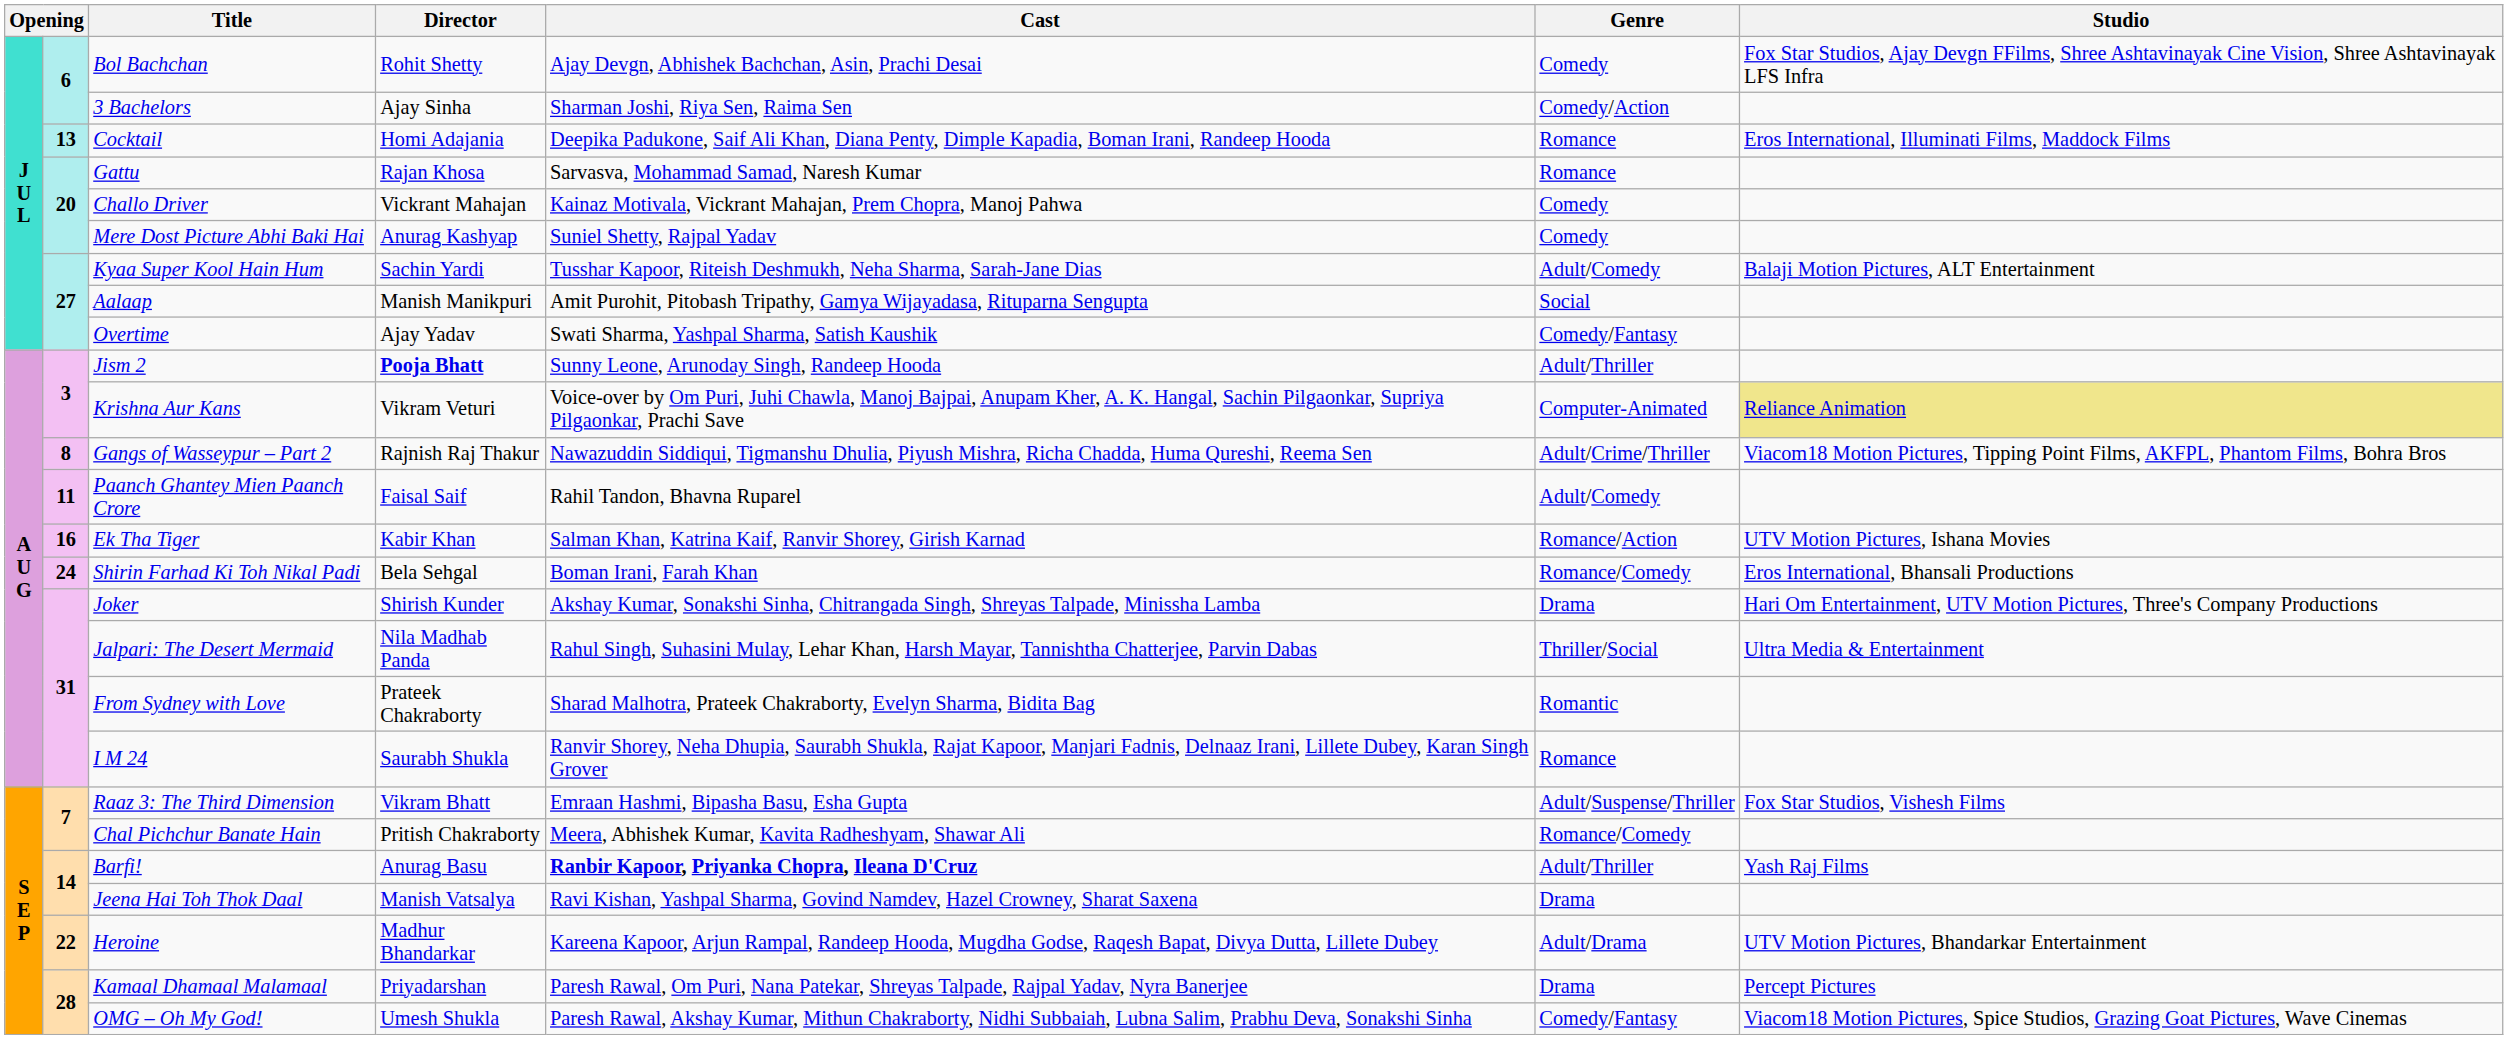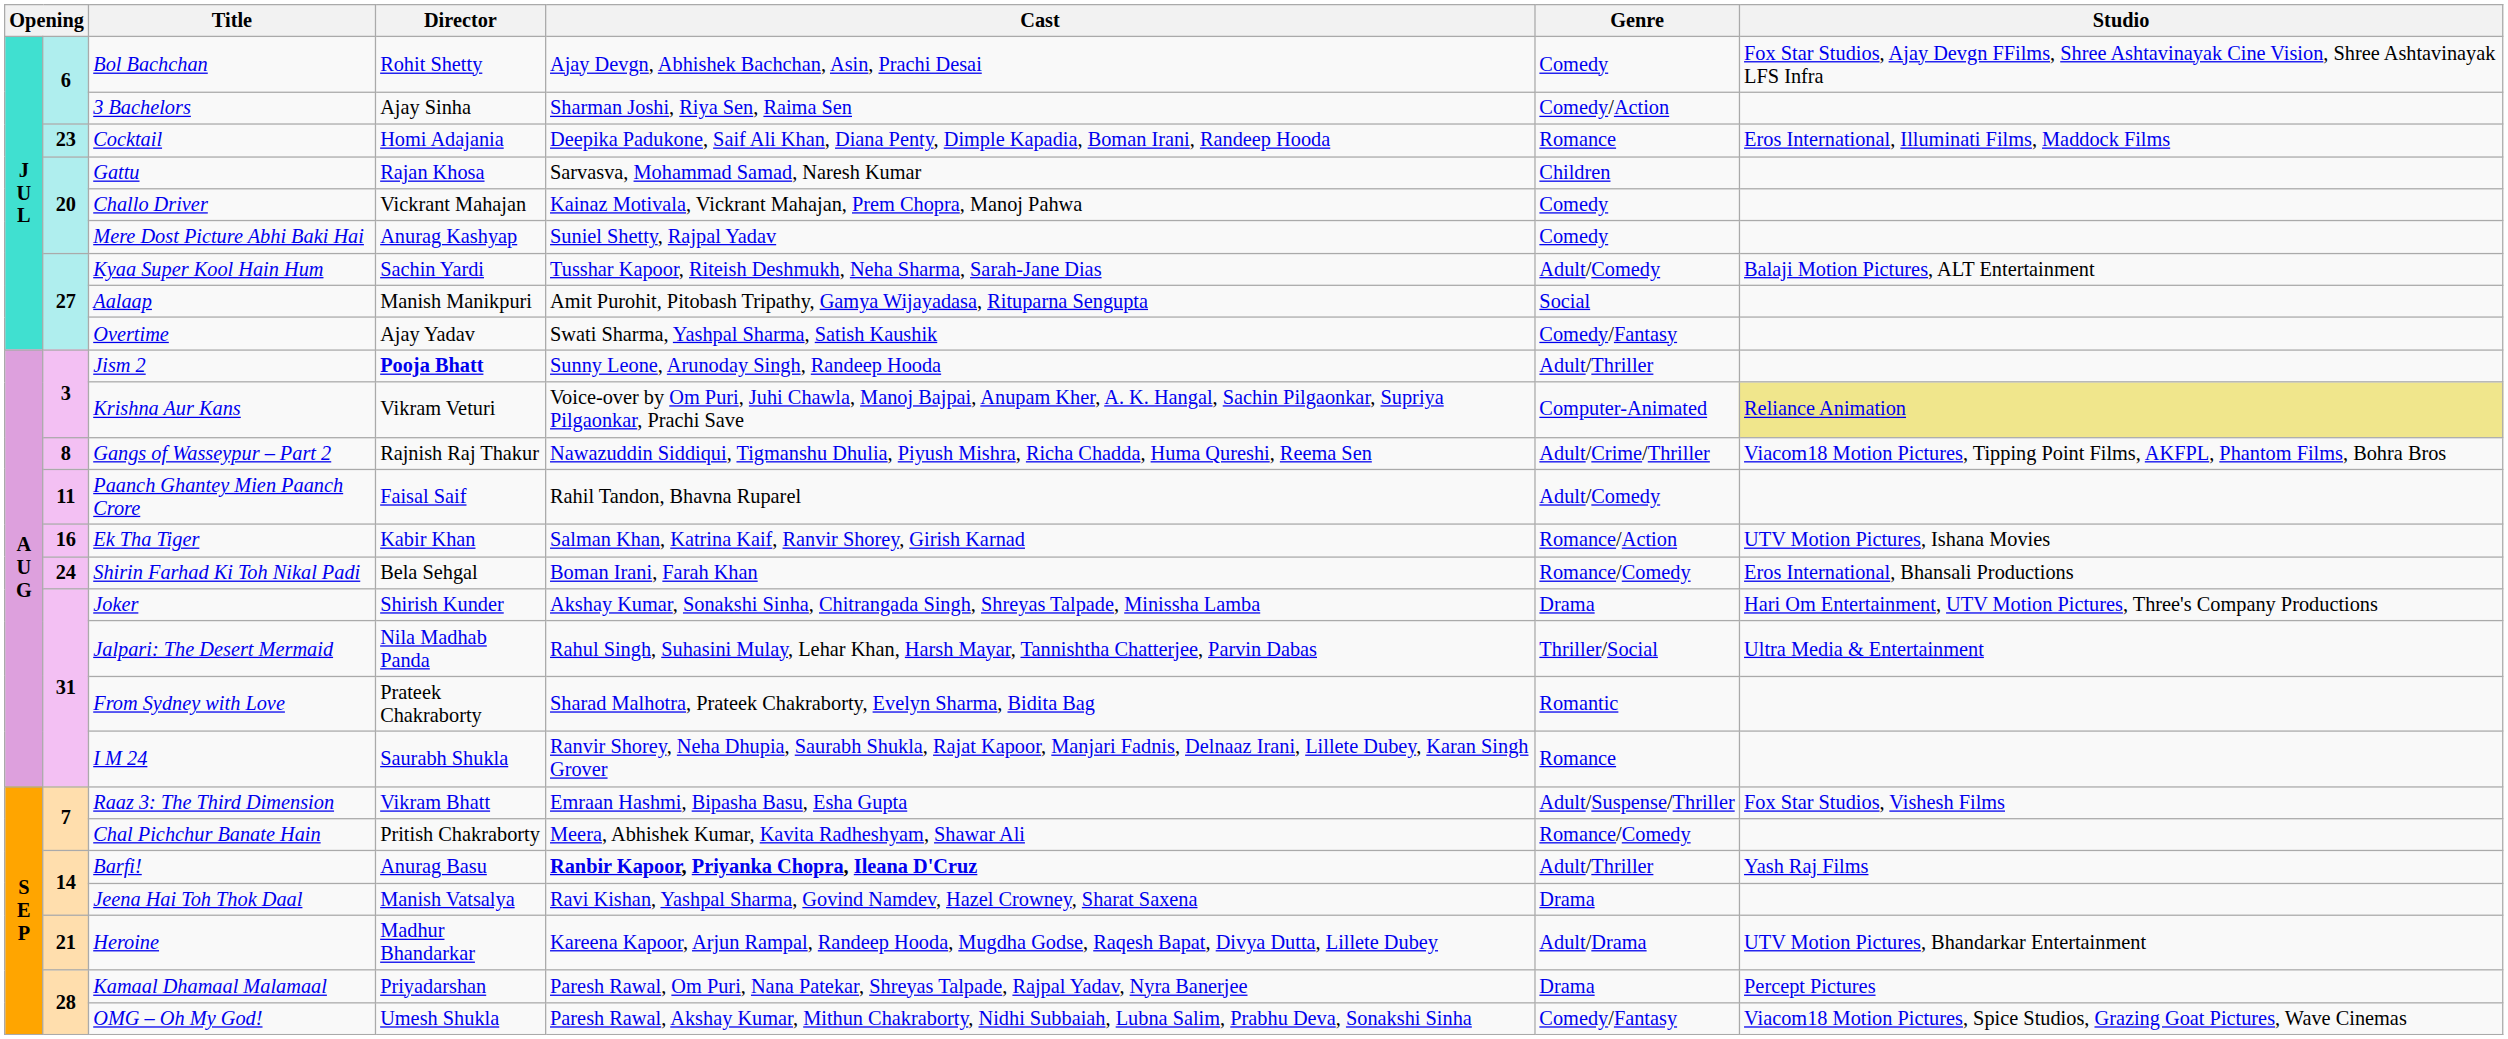 <table class="wikitable sortable">
 <tr style="background:#b0e0e66; text-align:center;">
 <th colspan="2">Opening</th>
 <th style="%;">Title</th>
 <th>Director</th>
 <th>Cast</th>
 <th>Genre</th>
 <th>Studio</th>
 </tr>
 <tr>
 <td rowspan="9" style="text-align:center; background:#40e0d0;"><strong>J<br>U<br>L</strong></td>
 <td rowspan="2" style="text-align:center; textcolor:#000; background:#afeeee;"><strong>6</strong></td>
 <td><em><a href='#'>Bol Bachchan</a></em></td>
 <td><a href='#'>Rohit Shetty</a></td>
 <td><a href='#'>Ajay Devgn</a>, <a href='#'>Abhishek Bachchan</a>, <a href='#'>Asin</a>, <a href='#'>Prachi Desai</a></td>
 <td><a href='#'>Comedy</a></td>
 <td><a href='#'>Fox Star Studios</a>, <a href='#'>Ajay Devgn FFilms</a>, <a href='#'>Shree Ashtavinayak Cine Vision</a>, Shree Ashtavinayak LFS Infra</td>
 </tr>
 <tr>
 <td><em><a href='#'>3 Bachelors</a></em></td>
 <td>Ajay Sinha</td>
 <td><a href='#'>Sharman Joshi</a>, <a href='#'>Riya Sen</a>, <a href='#'>Raima Sen</a></td>
 <td><a href='#'>Comedy</a>/<a href='#'>Action</a></td>
 <td></td>
 </tr>
 <tr>
-<td style="text-align:center; textcolor:#000; background:#afeeee;"><strong>13</strong></td>
+<td style="text-align:center; textcolor:#000; background:#afeeee;"><strong>23</strong></td>
 <td><em><a href='#'>Cocktail</a></em></td>
 <td><a href='#'>Homi Adajania</a></td>
 <td><a href='#'>Deepika Padukone</a>, <a href='#'>Saif Ali Khan</a>, <a href='#'>Diana Penty</a>, <a href='#'>Dimple Kapadia</a>, <a href='#'>Boman Irani</a>, <a href='#'>Randeep Hooda</a></td>
 <td><a href='#'>Romance</a></td>
 <td><a href='#'>Eros International</a>, <a href='#'>Illuminati Films</a>, <a href='#'>Maddock Films</a></td>
 </tr>
 <tr>
 <td rowspan="3" style="text-align:center; textcolor:#000; background:#afeeee;"><strong>20</strong></td>
 <td><em><a href='#'>Gattu</a></em></td>
 <td><a href='#'>Rajan Khosa</a></td>
 <td>Sarvasva, <a href='#'>Mohammad Samad</a>, Naresh Kumar</td>
-<td><a href='#'>Romance</a></td>
+<td><a href='#'>Children</a></td>
 <td></td>
 </tr>
 <tr>
 <td><em><a href='#'>Challo Driver</a></em></td>
 <td>Vickrant Mahajan</td>
 <td><a href='#'>Kainaz Motivala</a>, Vickrant Mahajan, <a href='#'>Prem Chopra</a>, Manoj Pahwa</td>
 <td><a href='#'>Comedy</a></td>
 <td></td>
 </tr>
 <tr>
 <td><em><a href='#'>Mere Dost Picture Abhi Baki Hai</a></em></td>
 <td><a href='#'>Anurag Kashyap</a></td>
 <td><a href='#'>Suniel Shetty</a>, <a href='#'>Rajpal Yadav</a></td>
 <td><a href='#'>Comedy</a></td>
 <td></td>
 </tr>
 <tr>
 <td rowspan="3" style="text-align:center; textcolor:#000; background:#afeeee;"><strong>27</strong></td>
 <td><em><a href='#'>Kyaa Super Kool Hain Hum</a></em></td>
 <td><a href='#'>Sachin Yardi</a></td>
 <td><a href='#'>Tusshar Kapoor</a>, <a href='#'>Riteish Deshmukh</a>, <a href='#'>Neha Sharma</a>, <a href='#'>Sarah-Jane Dias</a></td>
 <td><a href='#'>Adult</a>/<a href='#'>Comedy</a></td>
 <td><a href='#'>Balaji Motion Pictures</a>, ALT Entertainment</td>
 </tr>
 <tr>
 <td><em><a href='#'>Aalaap</a></em></td>
 <td>Manish Manikpuri</td>
 <td>Amit Purohit, Pitobash Tripathy, <a href='#'>Gamya Wijayadasa</a>, <a href='#'>Rituparna Sengupta</a></td>
 <td><a href='#'>Social</a></td>
 <td></td>
 </tr>
 <tr>
 <td><em><a href='#'>Overtime</a></em></td>
 <td>Ajay Yadav</td>
 <td>Swati Sharma, <a href='#'>Yashpal Sharma</a>, <a href='#'>Satish Kaushik</a></td>
 <td><a href='#'>Comedy</a>/<a href='#'>Fantasy</a></td>
 <td></td>
 </tr>
 <tr>
 <td rowspan="10" style="text-align:center; background:plum; textcolor:#000;"><strong>A<br>U<br>G</strong></td>
 <td rowspan="2" style="text-align:center; textcolor:#000; background:#f3c0f3;"><strong>3</strong></td>
 <td><em><a href='#'>Jism 2</a></em></td>
 <td><strong><a href='#'>Pooja Bhatt</a></strong></td>
 <td><a href='#'>Sunny Leone</a>, <a href='#'>Arunoday Singh</a>, <a href='#'>Randeep Hooda</a></td>
 <td><a href='#'>Adult</a>/<a href='#'>Thriller</a></td>
 <td></td>
 </tr>
 <tr>
 <td><em><a href='#'>Krishna Aur Kans</a> </em></td>
 <td>Vikram Veturi</td>
 <td>Voice-over by <a href='#'>Om Puri</a>, <a href='#'>Juhi Chawla</a>, <a href='#'>Manoj Bajpai</a>, <a href='#'>Anupam Kher</a>, <a href='#'>A. K. Hangal</a>, <a href='#'>Sachin Pilgaonkar</a>, <a href='#'>Supriya Pilgaonkar</a>, Prachi Save</td>
 <td><a href='#'>Computer-Animated</a></td>
 <td style="background: khaki;"><a href='#'>Reliance Animation</a></td>
 </tr>
 <tr>
 <td style="text-align:center; textcolor:#000; background:#f3c0f3;"><strong>8</strong></td>
 <td><em><a href='#'>Gangs of Wasseypur – Part 2</a></em></td>
 <td>Rajnish Raj Thakur</td>
 <td><a href='#'>Nawazuddin Siddiqui</a>, <a href='#'>Tigmanshu Dhulia</a>, <a href='#'>Piyush Mishra</a>, <a href='#'>Richa Chadda</a>, <a href='#'>Huma Qureshi</a>, <a href='#'>Reema Sen</a></td>
 <td><a href='#'>Adult</a>/<a href='#'>Crime</a>/<a href='#'>Thriller</a></td>
 <td><a href='#'>Viacom18 Motion Pictures</a>, Tipping Point Films, <a href='#'>AKFPL</a>, <a href='#'>Phantom Films</a>, Bohra Bros</td>
 </tr>
 <tr>
 <td style="text-align:center; textcolor:#000; background:#f3c0f3;"><strong>11</strong></td>
 <td><em><a href='#'>Paanch Ghantey Mien Paanch Crore</a></em></td>
 <td><a href='#'>Faisal Saif</a></td>
 <td>Rahil Tandon, Bhavna Ruparel</td>
 <td><a href='#'>Adult</a>/<a href='#'>Comedy</a></td>
 <td></td>
 </tr>
 <tr>
 <td style="text-align:center; textcolor:#000; background:#f3c0f3;"><strong>16</strong></td>
 <td><em><a href='#'>Ek Tha Tiger</a></em></td>
 <td><a href='#'>Kabir Khan</a></td>
 <td><a href='#'>Salman Khan</a>, <a href='#'>Katrina Kaif</a>, <a href='#'>Ranvir Shorey</a>, <a href='#'>Girish Karnad</a></td>
 <td><a href='#'>Romance</a>/<a href='#'>Action</a></td>
 <td><a href='#'>UTV Motion Pictures</a>, Ishana Movies</td>
 </tr>
 <tr>
 <td style="text-align:center; textcolor:#000; background:#f3c0f3;"><strong>24</strong></td>
 <td><em><a href='#'>Shirin Farhad Ki Toh Nikal Padi</a></em></td>
 <td>Bela Sehgal</td>
 <td><a href='#'>Boman Irani</a>, <a href='#'>Farah Khan</a></td>
 <td><a href='#'>Romance</a>/<a href='#'>Comedy</a></td>
 <td><a href='#'>Eros International</a>, Bhansali Productions</td>
 </tr>
 <tr>
 <td rowspan="4" style="text-align:center; textcolor:#000; background:#f3c0f3;"><strong>31</strong></td>
 <td><em><a href='#'>Joker</a></em></td>
 <td><a href='#'>Shirish Kunder</a></td>
 <td><a href='#'>Akshay Kumar</a>, <a href='#'>Sonakshi Sinha</a>, <a href='#'>Chitrangada Singh</a>, <a href='#'>Shreyas Talpade</a>, <a href='#'>Minissha Lamba</a></td>
 <td><a href='#'>Drama</a></td>
 <td><a href='#'>Hari Om Entertainment</a>, <a href='#'>UTV Motion Pictures</a>, Three's Company Productions</td>
 </tr>
 <tr>
 <td><em><a href='#'>Jalpari: The Desert Mermaid</a></em></td>
 <td><a href='#'>Nila Madhab Panda</a></td>
 <td><a href='#'>Rahul Singh</a>, <a href='#'>Suhasini Mulay</a>, Lehar Khan, <a href='#'>Harsh Mayar</a>, <a href='#'>Tannishtha Chatterjee</a>, <a href='#'>Parvin Dabas</a></td>
 <td><a href='#'>Thriller</a>/<a href='#'>Social</a></td>
 <td><a href='#'>Ultra Media & Entertainment</a></td>
 </tr>
 <tr>
 <td><em><a href='#'>From Sydney with Love</a></em></td>
 <td>Prateek Chakraborty</td>
 <td><a href='#'>Sharad Malhotra</a>, Prateek Chakraborty, <a href='#'>Evelyn Sharma</a>, <a href='#'>Bidita Bag</a></td>
 <td><a href='#'>Romantic</a></td>
 <td></td>
 </tr>
 <tr>
 <td><em><a href='#'>I M 24</a></em></td>
 <td><a href='#'>Saurabh Shukla</a></td>
 <td><a href='#'>Ranvir Shorey</a>, <a href='#'>Neha Dhupia</a>, <a href='#'>Saurabh Shukla</a>, <a href='#'>Rajat Kapoor</a>, <a href='#'>Manjari Fadnis</a>, <a href='#'>Delnaaz Irani</a>, <a href='#'>Lillete Dubey</a>, <a href='#'>Karan Singh Grover</a></td>
 <td><a href='#'>Romance</a></td>
 <td></td>
 </tr>
 <tr>
 <td rowspan="7" style="text-align:center; background:orange; textcolor:#000;"><strong>S<br>E<br>P</strong></td>
 <td rowspan="2" style="text-align:center; textcolor:#000; background:#ffdead;"><strong>7</strong></td>
 <td><em><a href='#'>Raaz 3: The Third Dimension</a></em></td>
 <td><a href='#'>Vikram Bhatt</a></td>
 <td><a href='#'>Emraan Hashmi</a>, <a href='#'>Bipasha Basu</a>, <a href='#'>Esha Gupta</a></td>
 <td><a href='#'>Adult</a>/<a href='#'>Suspense</a>/<a href='#'>Thriller</a></td>
 <td><a href='#'>Fox Star Studios</a>, <a href='#'>Vishesh Films</a></td>
 </tr>
 <tr>
 <td><em><a href='#'>Chal Pichchur Banate Hain</a></em></td>
 <td>Pritish Chakraborty</td>
 <td><a href='#'>Meera</a>, Abhishek Kumar, <a href='#'>Kavita Radheshyam</a>, <a href='#'>Shawar Ali</a></td>
 <td><a href='#'>Romance</a>/<a href='#'>Comedy</a></td>
 <td></td>
 </tr>
 <tr>
 <td rowspan="2" style="text-align:center; textcolor:#000; background:#ffdead;"><strong>14</strong></td>
 <td><em><a href='#'>Barfi!</a></em></td>
 <td><a href='#'>Anurag Basu</a></td>
 <td><strong><a href='#'>Ranbir Kapoor</a>, <a href='#'>Priyanka Chopra</a>, <a href='#'>Ileana D'Cruz</a></strong></td>
 <td><a href='#'>Adult</a>/<a href='#'>Thriller</a></td>
 <td><a href='#'>Yash Raj Films</a></td>
 </tr>
 <tr>
 <td><em><a href='#'>Jeena Hai Toh Thok Daal</a></em></td>
 <td><a href='#'>Manish Vatsalya</a></td>
 <td><a href='#'>Ravi Kishan</a>, <a href='#'>Yashpal Sharma</a>, <a href='#'>Govind Namdev</a>, <a href='#'>Hazel Crowney</a>, <a href='#'>Sharat Saxena</a></td>
 <td><a href='#'>Drama</a></td>
 <td></td>
 </tr>
 <tr>
-<td style="text-align:center; textcolor:#000; background:#ffdead;"><strong>22</strong></td>
+<td style="text-align:center; textcolor:#000; background:#ffdead;"><strong>21</strong></td>
 <td><em><a href='#'>Heroine</a></em></td>
 <td><a href='#'>Madhur Bhandarkar</a></td>
 <td><a href='#'>Kareena Kapoor</a>, <a href='#'>Arjun Rampal</a>, <a href='#'>Randeep Hooda</a>, <a href='#'>Mugdha Godse</a>, <a href='#'>Raqesh Bapat</a>, <a href='#'>Divya Dutta</a>, <a href='#'>Lillete Dubey</a></td>
 <td><a href='#'>Adult</a>/<a href='#'>Drama</a></td>
 <td><a href='#'>UTV Motion Pictures</a>, Bhandarkar Entertainment</td>
 </tr>
 <tr>
 <td rowspan="2" style="text-align:center; textcolor:#000;background:#ffdead;"><strong>28</strong></td>
 <td><em><a href='#'>Kamaal Dhamaal Malamaal</a></em></td>
 <td><a href='#'>Priyadarshan</a></td>
 <td><a href='#'>Paresh Rawal</a>, <a href='#'>Om Puri</a>, <a href='#'>Nana Patekar</a>, <a href='#'>Shreyas Talpade</a>, <a href='#'>Rajpal Yadav</a>, <a href='#'>Nyra Banerjee</a></td>
 <td><a href='#'>Drama</a></td>
 <td><a href='#'>Percept Pictures</a></td>
 </tr>
 <tr>
 <td><em><a href='#'>OMG – Oh My God!</a></em></td>
 <td><a href='#'>Umesh Shukla</a></td>
 <td><a href='#'>Paresh Rawal</a>, <a href='#'>Akshay Kumar</a>, <a href='#'>Mithun Chakraborty</a>, <a href='#'>Nidhi Subbaiah</a>, <a href='#'>Lubna Salim</a>, <a href='#'>Prabhu Deva</a>, <a href='#'>Sonakshi Sinha</a></td>
 <td><a href='#'>Comedy</a>/<a href='#'>Fantasy</a></td>
 <td><a href='#'>Viacom18 Motion Pictures</a>, Spice Studios, <a href='#'>Grazing Goat Pictures</a>, Wave Cinemas</td>
 </tr>
 </table>
